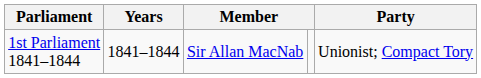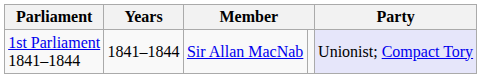 <table class="wikitable">
 <tr>
 <th>Parliament</th>
 <th>Years</th>
 <th colspan="2">Member</th>
 <th>Party</th>
 </tr>
 <tr>
 <td><a href='#'>1st Parliament</a><br>1841–1844</td>
 <td>1841–1844</td>
 <td><a href='#'>Sir Allan MacNab</a></td>
 <td></td>
-<td>Unionist;  <a href='#'>Compact Tory</a></td>
+<td style="background: lavender;">Unionist;  <a href='#'>Compact Tory</a></td>
 </tr>
 </table>
